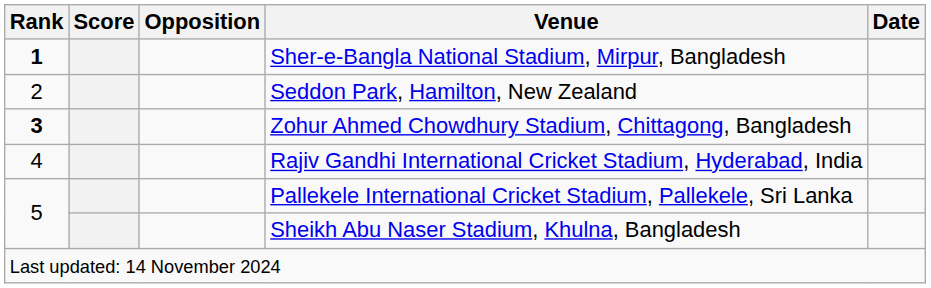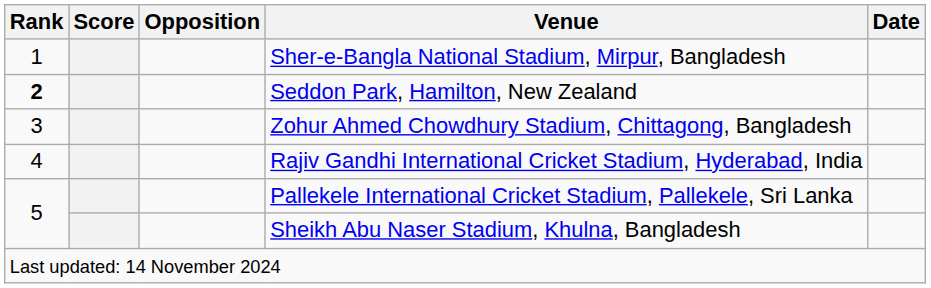 <table class="wikitable plainrowheaders sortable">
 <tr>
 <th scope=col>Rank</th>
 <th scope=col>Score</th>
 <th scope=col>Opposition</th>
 <th scope=col>Venue</th>
 <th scope=col>Date</th>
 </tr>
 <tr>
-<td align=center><strong>1</strong></td>
+<td align=center>1</td>
 <th scope=row style=text-align:center;></th>
 <td></td>
 <td><a href='#'>Sher-e-Bangla National Stadium</a>, <a href='#'>Mirpur</a>, Bangladesh</td>
 <td></td>
 </tr>
 <tr>
-<td align=center>2</td>
+<td align=center><strong>2</strong></td>
 <th scope=row style=text-align:center;></th>
 <td></td>
 <td><a href='#'>Seddon Park</a>, <a href='#'>Hamilton</a>, New Zealand</td>
 <td></td>
 </tr>
 <tr>
-<td align=center><strong>3</strong></td>
+<td align=center>3</td>
 <th scope=row style=text-align:center;></th>
 <td></td>
 <td><a href='#'>Zohur Ahmed Chowdhury Stadium</a>, <a href='#'>Chittagong</a>, Bangladesh</td>
 <td></td>
 </tr>
 <tr>
 <td align=center>4</td>
 <th scope=row style=text-align:center;></th>
 <td></td>
 <td><a href='#'>Rajiv Gandhi International Cricket Stadium</a>, <a href='#'>Hyderabad</a>, India</td>
 <td></td>
 </tr>
 <tr>
 <td align=center rowspan="2">5</td>
 <th scope=row style=text-align:center;></th>
 <td></td>
 <td><a href='#'>Pallekele International Cricket Stadium</a>, <a href='#'>Pallekele</a>, Sri Lanka</td>
 <td></td>
 </tr>
 <tr>
 <th scope=row style=text-align:center;></th>
 <td></td>
 <td><a href='#'>Sheikh Abu Naser Stadium</a>, <a href='#'>Khulna</a>, Bangladesh</td>
 <td></td>
 </tr>
 <tr class=sortbottom>
 <td colspan=5><small>Last updated: 14 November 2024</small></td>
 </tr>
 </table>
